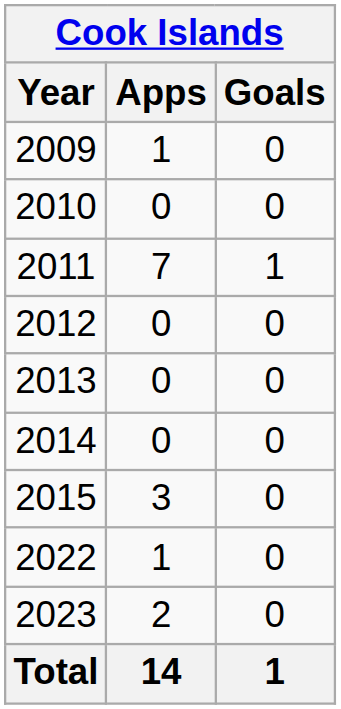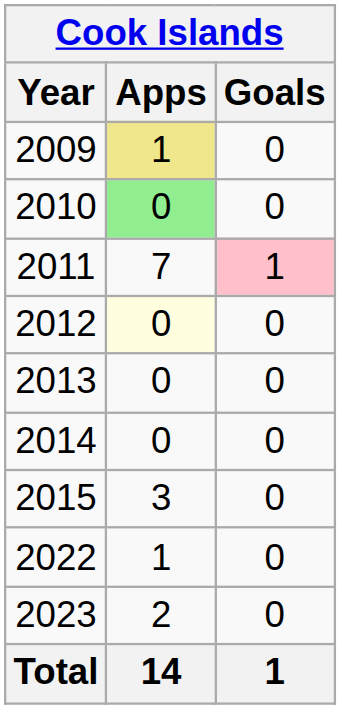 <table class="wikitable" style="text-align:center">
 <tr>
 <th colspan=3><a href='#'>Cook Islands</a></th>
 </tr>
 <tr>
 <th>Year</th>
 <th>Apps</th>
 <th>Goals</th>
 </tr>
 <tr>
 <td>2009</td>
-<td>1</td>
+<td style="background: khaki;">1</td>
 <td>0</td>
 </tr>
 <tr>
 <td>2010</td>
-<td>0</td>
+<td style="background: lightgreen;">0</td>
 <td>0</td>
 </tr>
 <tr>
 <td>2011</td>
 <td>7</td>
-<td>1</td>
+<td style="background: pink;">1</td>
 </tr>
 <tr>
 <td>2012</td>
-<td>0</td>
+<td style="background: lightyellow;">0</td>
 <td>0</td>
 </tr>
 <tr>
 <td>2013</td>
 <td>0</td>
 <td>0</td>
 </tr>
 <tr>
 <td>2014</td>
 <td>0</td>
 <td>0</td>
 </tr>
 <tr>
 <td>2015</td>
 <td>3</td>
 <td>0</td>
 </tr>
 <tr>
 <td>2022</td>
 <td>1</td>
 <td>0</td>
 </tr>
 <tr>
 <td>2023</td>
 <td>2</td>
 <td>0</td>
 </tr>
 <tr>
 <th>Total</th>
 <th>14</th>
 <th>1</th>
 </tr>
 </table>
